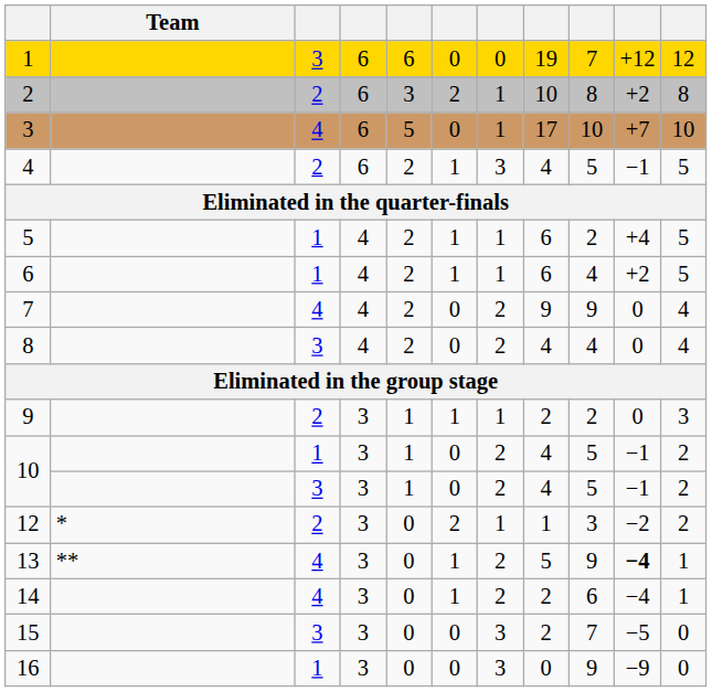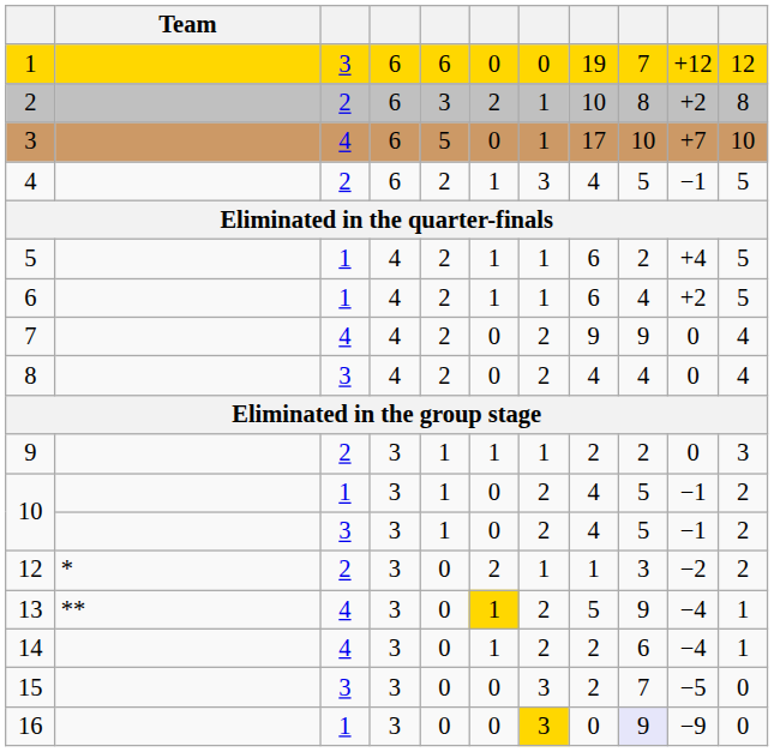 <table class="wikitable" style="text-align:center">
 <tr>
 <th width=25></th>
 <th width=165>Team</th>
 <th width=25></th>
 <th width=25></th>
 <th width=25></th>
 <th width=25></th>
 <th width=25></th>
 <th width=25></th>
 <th width=25></th>
 <th width=25></th>
 <th width=25></th>
 </tr>
 <tr style="background:gold">
 <td>1</td>
 <td style="text-align:left"></td>
 <td><a href='#'>3</a></td>
 <td>6</td>
 <td>6</td>
 <td>0</td>
 <td>0</td>
 <td>19</td>
 <td>7</td>
 <td>+12</td>
 <td>12</td>
 </tr>
 <tr style="background:silver">
 <td>2</td>
 <td style="text-align:left"></td>
 <td><a href='#'>2</a></td>
 <td>6</td>
 <td>3</td>
 <td>2</td>
 <td>1</td>
 <td>10</td>
 <td>8</td>
 <td>+2</td>
 <td>8</td>
 </tr>
 <tr style="background:#c96">
 <td>3</td>
 <td style="text-align:left"></td>
 <td><a href='#'>4</a></td>
 <td>6</td>
 <td>5</td>
 <td>0</td>
 <td>1</td>
 <td>17</td>
 <td>10</td>
 <td>+7</td>
 <td>10</td>
 </tr>
 <tr>
 <td>4</td>
 <td style="text-align:left"></td>
 <td><a href='#'>2</a></td>
 <td>6</td>
 <td>2</td>
 <td>1</td>
 <td>3</td>
 <td>4</td>
 <td>5</td>
 <td>−1</td>
 <td>5</td>
 </tr>
 <tr>
 <th colspan="11">Eliminated in the quarter-finals</th>
 </tr>
 <tr>
 <td>5</td>
 <td style="text-align:left"></td>
 <td><a href='#'>1</a></td>
 <td>4</td>
 <td>2</td>
 <td>1</td>
 <td>1</td>
 <td>6</td>
 <td>2</td>
 <td>+4</td>
 <td>5</td>
 </tr>
 <tr>
 <td>6</td>
 <td style="text-align:left"></td>
 <td><a href='#'>1</a></td>
 <td>4</td>
 <td>2</td>
 <td>1</td>
 <td>1</td>
 <td>6</td>
 <td>4</td>
 <td>+2</td>
 <td>5</td>
 </tr>
 <tr>
 <td>7</td>
 <td style="text-align:left"></td>
 <td><a href='#'>4</a></td>
 <td>4</td>
 <td>2</td>
 <td>0</td>
 <td>2</td>
 <td>9</td>
 <td>9</td>
 <td>0</td>
 <td>4</td>
 </tr>
 <tr>
 <td>8</td>
 <td style="text-align:left"></td>
 <td><a href='#'>3</a></td>
 <td>4</td>
 <td>2</td>
 <td>0</td>
 <td>2</td>
 <td>4</td>
 <td>4</td>
 <td>0</td>
 <td>4</td>
 </tr>
 <tr>
 <th colspan="11">Eliminated in the group stage</th>
 </tr>
 <tr>
 <td>9</td>
 <td style="text-align:left"></td>
 <td><a href='#'>2</a></td>
 <td>3</td>
 <td>1</td>
 <td>1</td>
 <td>1</td>
 <td>2</td>
 <td>2</td>
 <td>0</td>
 <td>3</td>
 </tr>
 <tr>
 <td rowspan="2">10</td>
 <td style="text-align:left"></td>
 <td><a href='#'>1</a></td>
 <td>3</td>
 <td>1</td>
 <td>0</td>
 <td>2</td>
 <td>4</td>
 <td>5</td>
 <td>−1</td>
 <td>2</td>
 </tr>
 <tr>
 <td style="text-align:left"></td>
 <td><a href='#'>3</a></td>
 <td>3</td>
 <td>1</td>
 <td>0</td>
 <td>2</td>
 <td>4</td>
 <td>5</td>
 <td>−1</td>
 <td>2</td>
 </tr>
 <tr>
 <td>12</td>
 <td style="text-align:left">*</td>
 <td><a href='#'>2</a></td>
 <td>3</td>
 <td>0</td>
 <td>2</td>
 <td>1</td>
 <td>1</td>
 <td>3</td>
 <td>−2</td>
 <td>2</td>
 </tr>
 <tr>
 <td>13</td>
 <td style="text-align:left">**</td>
 <td><a href='#'>4</a></td>
 <td>3</td>
 <td>0</td>
-<td>1</td>
+<td style="background: gold;">1</td>
 <td>2</td>
 <td>5</td>
 <td>9</td>
-<td><strong>−4</strong></td>
+<td>−4</td>
 <td>1</td>
 </tr>
 <tr>
 <td>14</td>
 <td style="text-align:left"></td>
 <td><a href='#'>4</a></td>
 <td>3</td>
 <td>0</td>
 <td>1</td>
 <td>2</td>
 <td>2</td>
 <td>6</td>
 <td>−4</td>
 <td>1</td>
 </tr>
 <tr>
 <td>15</td>
 <td style="text-align:left"></td>
 <td><a href='#'>3</a></td>
 <td>3</td>
 <td>0</td>
 <td>0</td>
 <td>3</td>
 <td>2</td>
 <td>7</td>
 <td>−5</td>
 <td>0</td>
 </tr>
 <tr>
 <td>16</td>
 <td style="text-align:left"></td>
 <td><a href='#'>1</a></td>
 <td>3</td>
 <td>0</td>
 <td>0</td>
-<td>3</td>
+<td style="background: gold;">3</td>
 <td>0</td>
-<td>9</td>
+<td style="background: lavender;">9</td>
 <td>−9</td>
 <td>0</td>
 </tr>
 </table>
